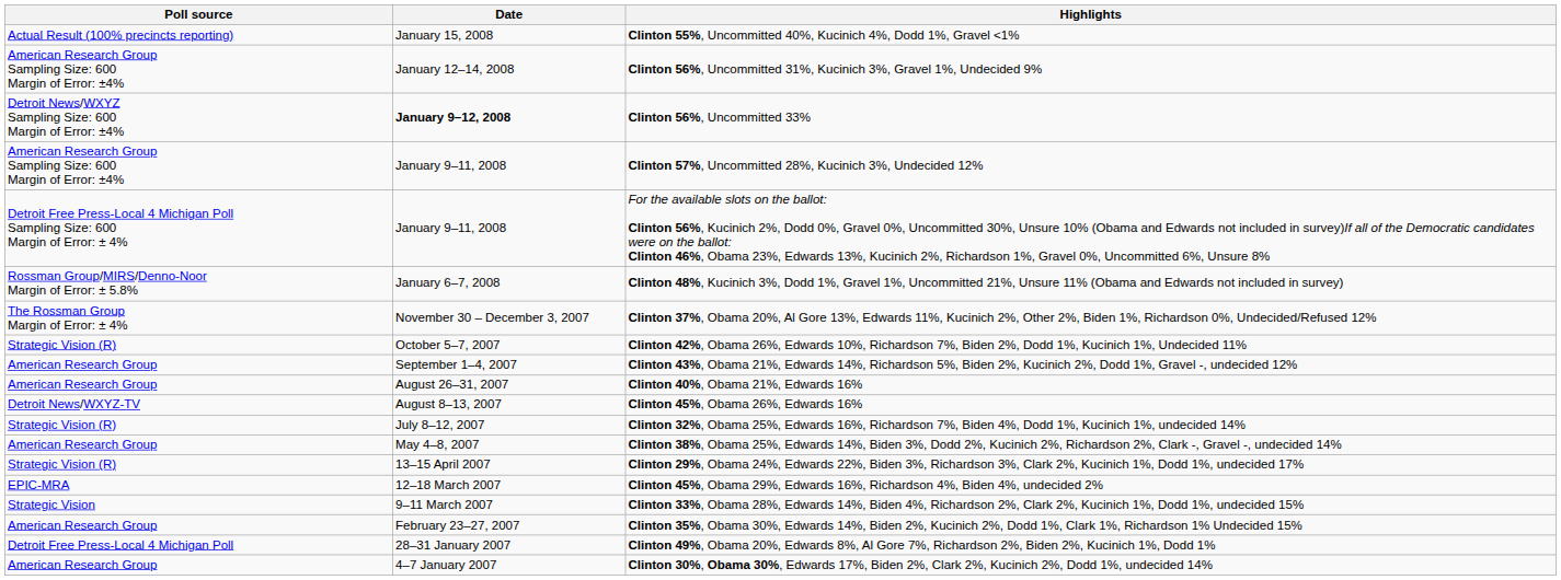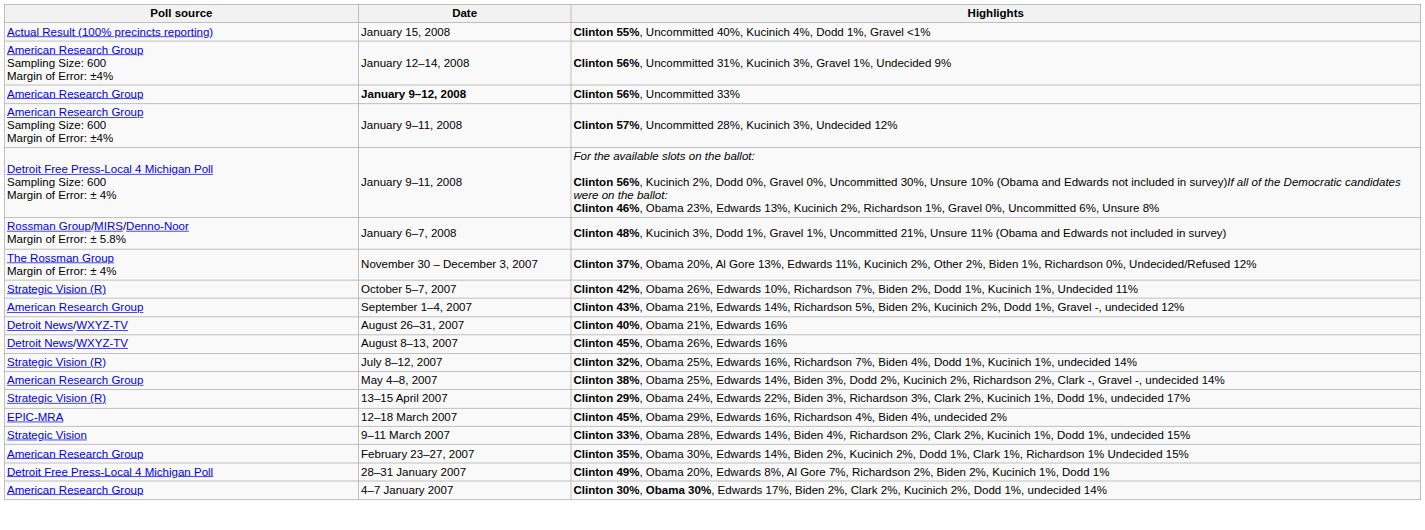 <table class="wikitable sortable">
 <tr>
 <th width="25%">Poll source</th>
 <th width="15%">Date</th>
 <th width="60%">Highlights</th>
 </tr>
 <tr>
 <td><a href='#'>Actual Result (100% precincts reporting)</a></td>
 <td>January 15, 2008</td>
 <td><strong>Clinton 55%</strong>, Uncommitted 40%, Kucinich 4%, Dodd 1%, Gravel <1%</td>
 </tr>
 <tr>
 <td><a href='#'>American Research Group</a><br>Sampling Size: 600<br> Margin of Error: ±4%</td>
 <td>January 12–14, 2008</td>
 <td><strong>Clinton 56%</strong>, Uncommitted 31%, Kucinich 3%, Gravel 1%, Undecided 9%</td>
 </tr>
 <tr>
-<td><a href='#'>Detroit News</a>/<a href='#'>WXYZ</a><br>Sampling Size: 600<br> Margin of Error: ±4%</td>
+<td><a href='#'>American Research Group</a></td>
 <td><strong>January 9–12, 2008</strong></td>
 <td><strong>Clinton 56%</strong>, Uncommitted 33%</td>
 </tr>
 <tr>
 <td><a href='#'>American Research Group</a><br>Sampling Size: 600<br> Margin of Error: ±4%</td>
 <td>January 9–11, 2008</td>
 <td><strong>Clinton 57%</strong>, Uncommitted 28%, Kucinich 3%, Undecided 12%</td>
 </tr>
 <tr>
 <td><a href='#'>Detroit Free Press-Local 4 Michigan Poll</a><br>Sampling Size: 600<br> Margin of Error: ± 4%</td>
 <td>January 9–11, 2008</td>
 <td><em>For the available slots on the ballot:</em><br><br><strong>Clinton 56%</strong>, Kucinich 2%, Dodd 0%, Gravel 0%, Uncommitted 30%, Unsure 10% (Obama and Edwards not included in survey)<em>If all of the Democratic candidates were on the ballot:</em><br> <strong>Clinton 46%</strong>, Obama 23%, Edwards 13%, Kucinich 2%, Richardson 1%, Gravel 0%, Uncommitted 6%, Unsure 8%</td>
 </tr>
 <tr>
 <td><a href='#'>Rossman Group</a>/<a href='#'>MIRS</a>/<a href='#'>Denno-Noor</a><br>Margin of Error: ± 5.8%</td>
 <td>January 6–7, 2008</td>
 <td><strong>Clinton 48%</strong>, Kucinich 3%, Dodd 1%, Gravel 1%, Uncommitted 21%, Unsure 11% (Obama and Edwards not included in survey)</td>
 </tr>
 <tr>
 <td><a href='#'>The Rossman Group</a><br>Margin of Error: ± 4%</td>
 <td>November 30 – December 3, 2007</td>
 <td><strong>Clinton 37%</strong>, Obama 20%, Al Gore 13%, Edwards 11%, Kucinich 2%, Other 2%, Biden 1%, Richardson 0%, Undecided/Refused 12%</td>
 </tr>
 <tr>
 <td><a href='#'>Strategic Vision (R)</a></td>
 <td>October 5–7, 2007</td>
 <td><strong>Clinton 42%</strong>, Obama 26%, Edwards 10%, Richardson 7%, Biden 2%, Dodd 1%, Kucinich 1%, Undecided 11%</td>
 </tr>
 <tr>
 <td><a href='#'>American Research Group</a></td>
 <td>September 1–4, 2007</td>
 <td><strong>Clinton 43%</strong>, Obama 21%, Edwards 14%, Richardson 5%, Biden 2%, Kucinich 2%, Dodd 1%, Gravel -, undecided 12%</td>
 </tr>
 <tr>
-<td><a href='#'>American Research Group</a></td>
+<td><a href='#'>Detroit News</a>/<a href='#'>WXYZ-TV</a></td>
 <td>August 26–31, 2007</td>
 <td><strong>Clinton 40%</strong>, Obama 21%, Edwards 16%</td>
 </tr>
 <tr>
 <td><a href='#'>Detroit News</a>/<a href='#'>WXYZ-TV</a></td>
 <td>August 8–13, 2007</td>
 <td><strong>Clinton 45%</strong>, Obama 26%, Edwards 16%</td>
 </tr>
 <tr>
 <td><a href='#'>Strategic Vision (R)</a></td>
 <td>July 8–12, 2007</td>
 <td><strong>Clinton 32%</strong>, Obama 25%, Edwards 16%, Richardson 7%, Biden 4%, Dodd 1%, Kucinich 1%, undecided 14%</td>
 </tr>
 <tr>
 <td><a href='#'>American Research Group</a></td>
 <td>May 4–8, 2007</td>
 <td><strong>Clinton 38%</strong>, Obama 25%, Edwards 14%, Biden 3%, Dodd 2%, Kucinich 2%, Richardson 2%, Clark -, Gravel -, undecided 14%</td>
 </tr>
 <tr>
 <td><a href='#'>Strategic Vision (R)</a></td>
 <td>13–15 April 2007</td>
 <td><strong>Clinton 29%</strong>, Obama 24%, Edwards 22%, Biden 3%, Richardson 3%, Clark 2%, Kucinich 1%, Dodd 1%, undecided 17%</td>
 </tr>
 <tr>
 <td><a href='#'>EPIC-MRA</a></td>
 <td>12–18 March 2007</td>
 <td><strong>Clinton 45%</strong>, Obama 29%, Edwards 16%, Richardson 4%, Biden 4%, undecided 2%</td>
 </tr>
 <tr>
 <td><a href='#'>Strategic Vision</a></td>
 <td>9–11 March 2007</td>
 <td><strong>Clinton 33%</strong>, Obama 28%, Edwards 14%, Biden 4%, Richardson 2%, Clark 2%, Kucinich 1%, Dodd 1%, undecided 15%</td>
 </tr>
 <tr>
 <td><a href='#'>American Research Group</a></td>
 <td>February 23–27, 2007</td>
 <td><strong>Clinton 35%</strong>, Obama 30%, Edwards 14%, Biden 2%, Kucinich 2%, Dodd 1%, Clark 1%, Richardson 1% Undecided 15%</td>
 </tr>
 <tr>
 <td><a href='#'>Detroit Free Press-Local 4 Michigan Poll</a></td>
 <td>28–31 January 2007</td>
 <td><strong>Clinton 49%</strong>, Obama 20%, Edwards 8%, Al Gore 7%, Richardson 2%, Biden 2%, Kucinich 1%, Dodd 1%</td>
 </tr>
 <tr>
 <td><a href='#'>American Research Group</a></td>
 <td>4–7 January 2007</td>
 <td><strong>Clinton 30%</strong>, <strong>Obama 30%</strong>, Edwards 17%, Biden 2%, Clark 2%, Kucinich 2%, Dodd 1%, undecided 14%</td>
 </tr>
 </table>
